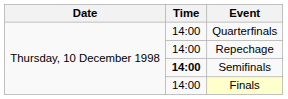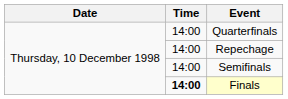 <table class = "wikitable" style="text-align:center;">
 <tr>
 <th width=220>Date</th>
 <th width=50>Time</th>
 <th width=100>Event</th>
 </tr>
 <tr>
 <td rowspan=4>Thursday, 10 December 1998</td>
 <td>14:00</td>
 <td>Quarterfinals</td>
 </tr>
 <tr>
 <td>14:00</td>
 <td>Repechage</td>
 </tr>
 <tr>
-<td><strong>14:00</strong></td>
+<td>14:00</td>
 <td>Semifinals</td>
 </tr>
 <tr>
-<td>14:00</td>
+<td><strong>14:00</strong></td>
 <td bgcolor=ffffcc>Finals</td>
 </tr>
 </table>
